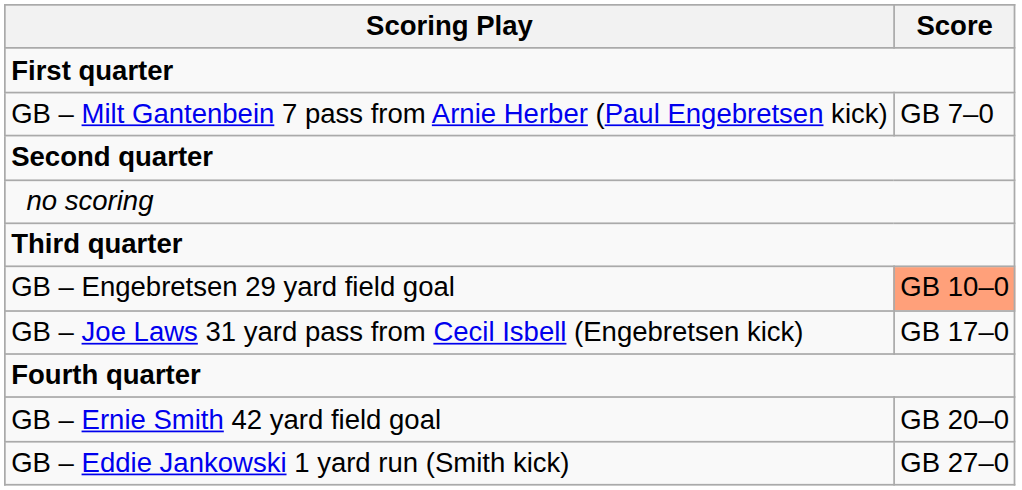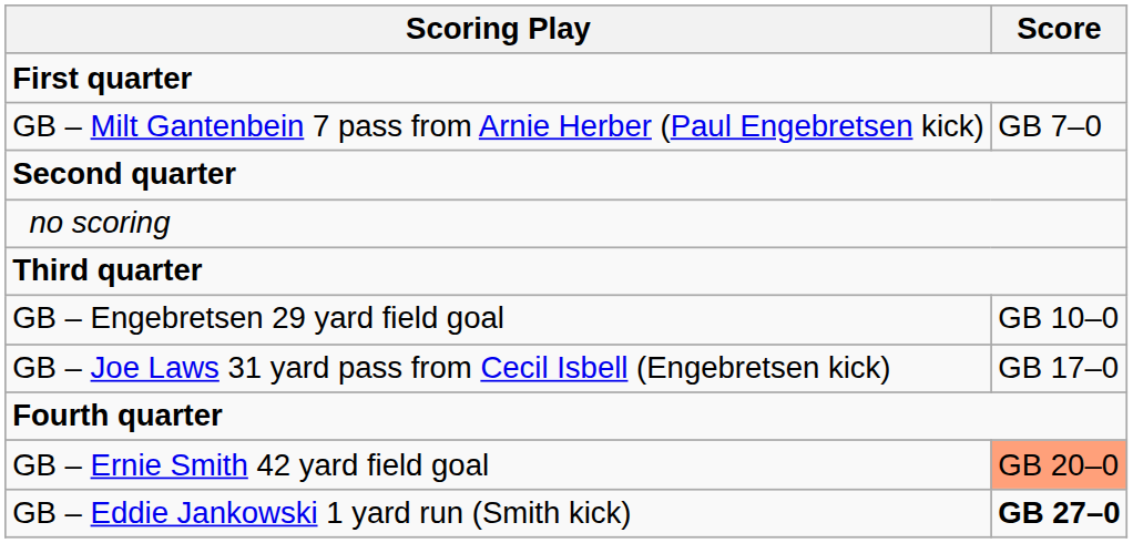 <table class="wikitable">
 <tr>
 <th>Scoring Play</th>
 <th>Score</th>
 </tr>
 <tr>
 <td colspan="4"><strong>First quarter</strong></td>
 </tr>
 <tr>
 <td>GB – <a href='#'>Milt Gantenbein</a> 7 pass from <a href='#'>Arnie Herber</a> (<a href='#'>Paul Engebretsen</a> kick)</td>
 <td>GB 7–0</td>
 </tr>
 <tr>
 <td colspan="4"><strong>Second quarter</strong></td>
 </tr>
 <tr>
 <td colspan="4">  <em>no scoring</em></td>
 </tr>
 <tr>
 <td colspan="4"><strong>Third quarter</strong></td>
 </tr>
 <tr>
 <td>GB – Engebretsen 29 yard field goal</td>
-<td style="background: lightsalmon;">GB 10–0</td>
+<td>GB 10–0</td>
 </tr>
 <tr>
 <td>GB – <a href='#'>Joe Laws</a> 31 yard pass from <a href='#'>Cecil Isbell</a> (Engebretsen kick)</td>
 <td>GB 17–0</td>
 </tr>
 <tr>
 <td colspan="4"><strong>Fourth quarter</strong></td>
 </tr>
 <tr>
 <td>GB – <a href='#'>Ernie Smith</a> 42 yard field goal</td>
-<td>GB 20–0</td>
+<td style="background: lightsalmon;">GB 20–0</td>
 </tr>
 <tr>
 <td>GB – <a href='#'>Eddie Jankowski</a> 1 yard run (Smith kick)</td>
-<td>GB 27–0</td>
+<td><strong>GB 27–0</strong></td>
 </tr>
 </table>
